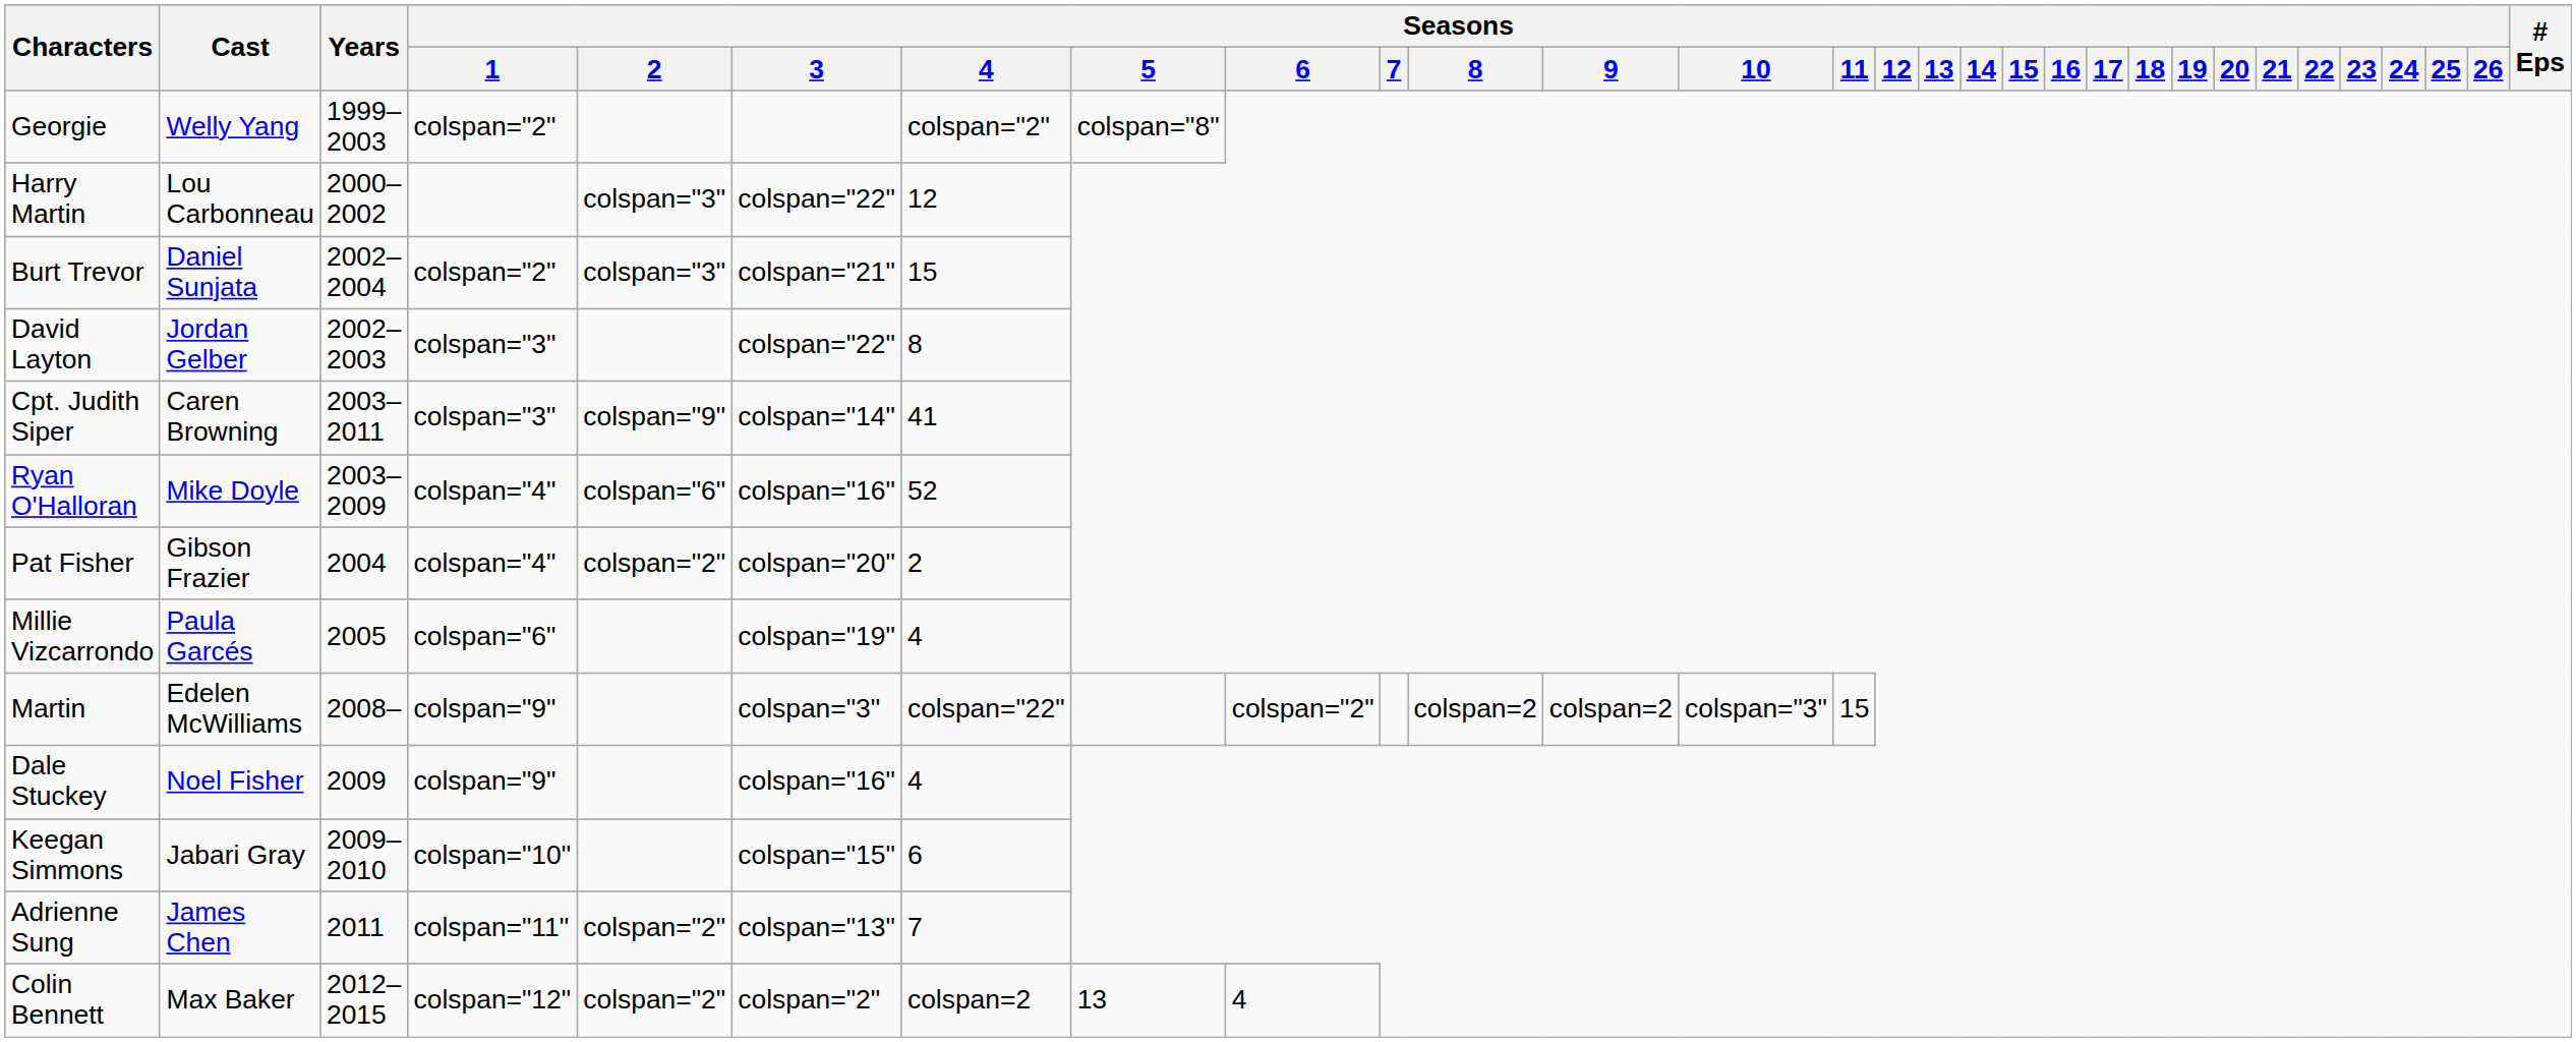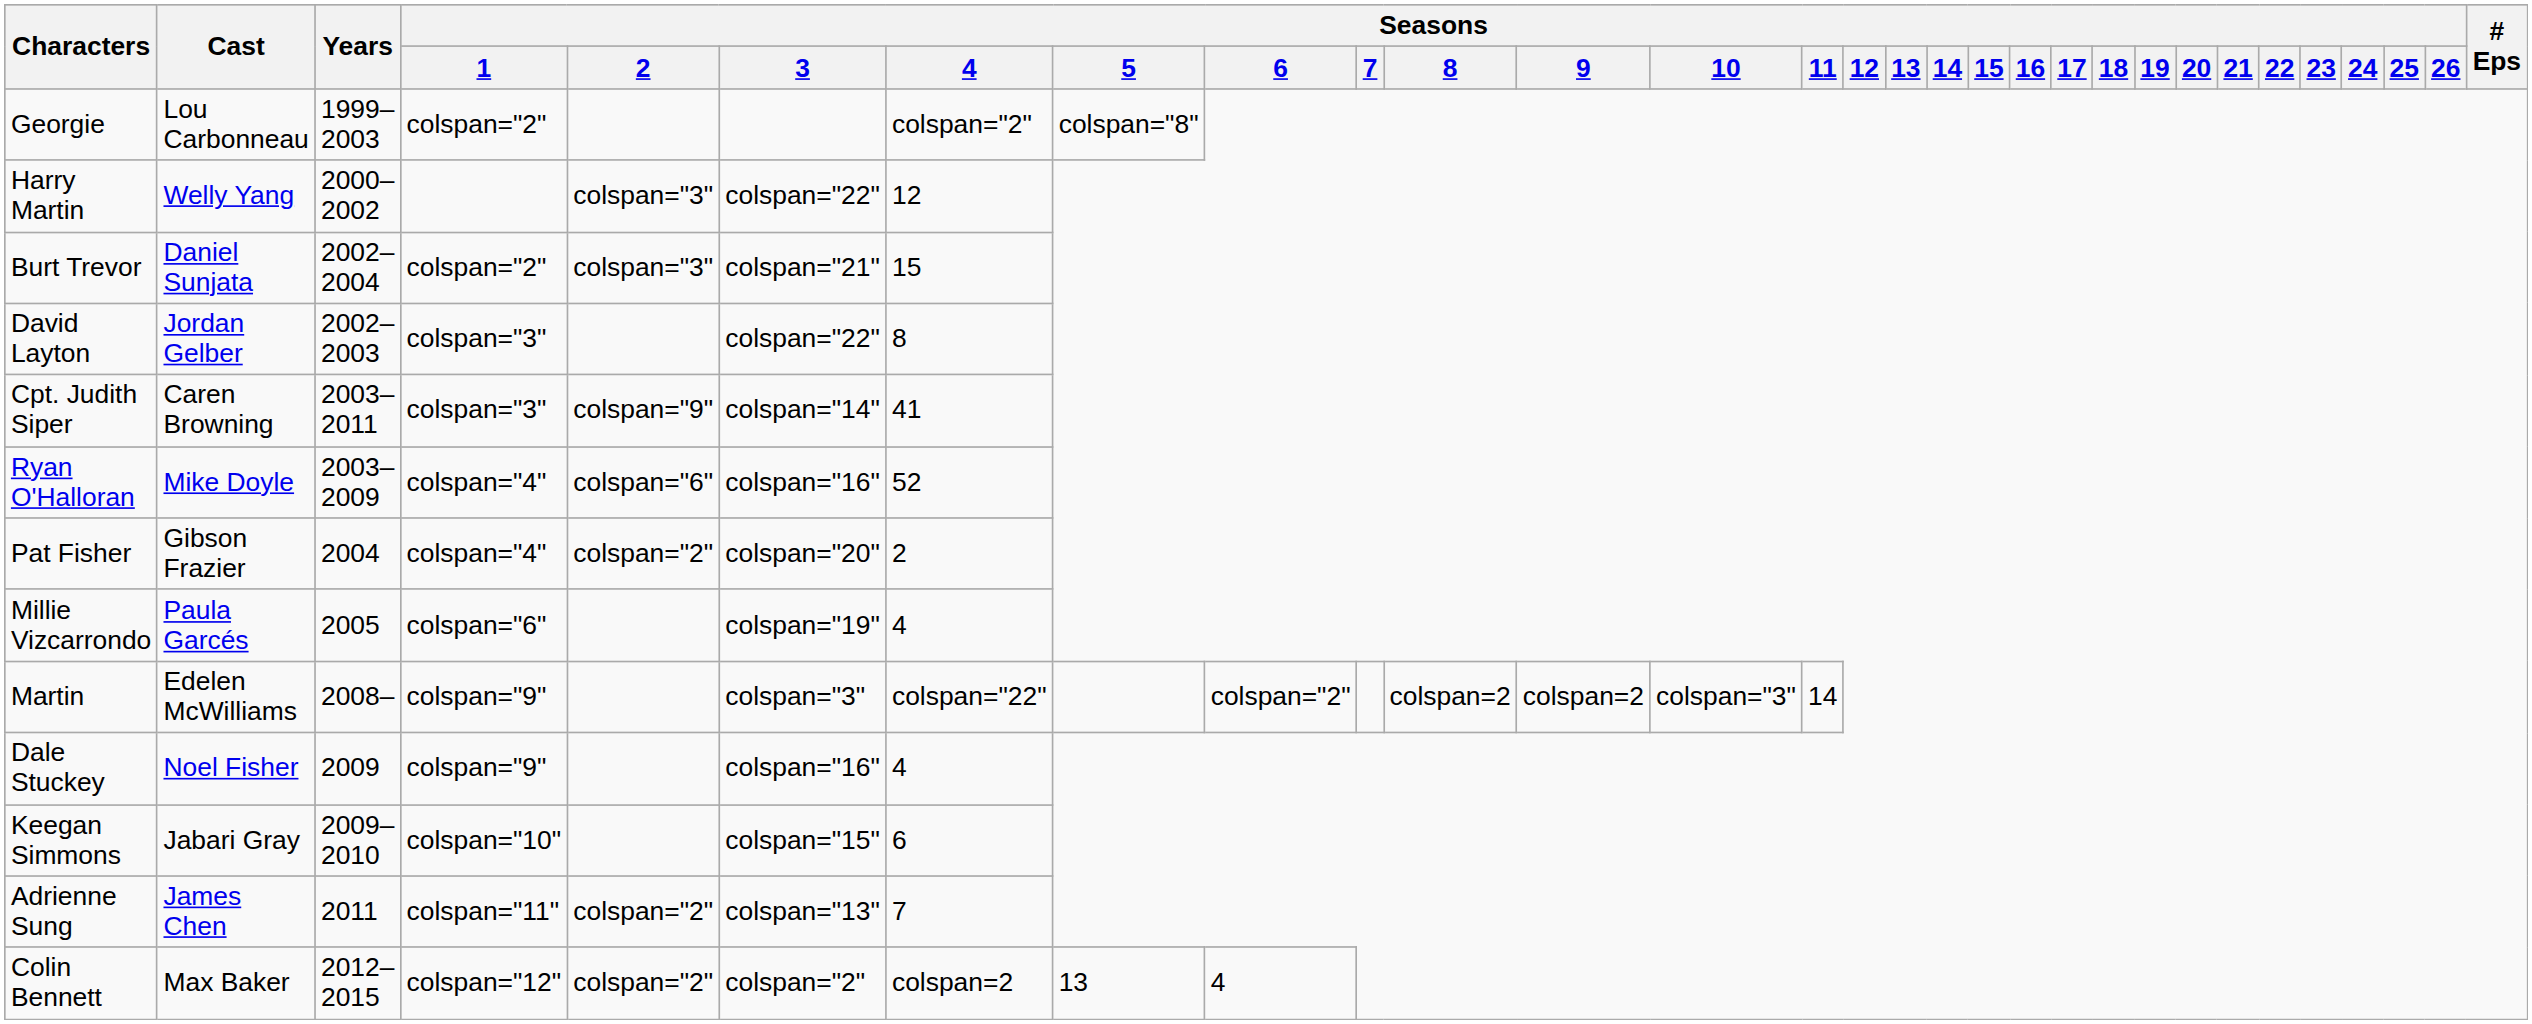 <table class="wikitable">
 <tr>
 <th rowspan="2">Characters</th>
 <th rowspan="2">Cast</th>
 <th rowspan="2">Years</th>
 <th colspan="26">Seasons</th>
 <th rowspan="2"># Eps</th>
 </tr>
 <tr>
 <th><a href='#'>1</a></th>
 <th><a href='#'>2</a></th>
 <th><a href='#'>3</a></th>
 <th><a href='#'>4</a></th>
 <th><a href='#'>5</a></th>
 <th><a href='#'>6</a></th>
 <th><a href='#'>7</a></th>
 <th><a href='#'>8</a></th>
 <th><a href='#'>9</a></th>
 <th><a href='#'>10</a></th>
 <th><a href='#'>11</a></th>
 <th><a href='#'>12</a></th>
 <th><a href='#'>13</a></th>
 <th><a href='#'>14</a></th>
 <th><a href='#'>15</a></th>
 <th><a href='#'>16</a></th>
 <th><a href='#'>17</a></th>
 <th><a href='#'>18</a></th>
 <th><a href='#'>19</a></th>
 <th><a href='#'>20</a></th>
 <th><a href='#'>21</a></th>
 <th><a href='#'>22</a></th>
 <th><a href='#'>23</a></th>
 <th><a href='#'>24</a></th>
 <th><a href='#'>25</a></th>
 <th><a href='#'>26</a></th>
 </tr>
 <tr>
 <td>Georgie</td>
-<td><a href='#'>Welly Yang</a></td>
+<td>Lou Carbonneau</td>
 <td>1999–2003</td>
 <td>colspan="2" </td>
 <td></td>
 <td></td>
 <td>colspan="2" </td>
 <td>colspan="8" </td>
 </tr>
 <tr>
 <td>Harry Martin</td>
-<td>Lou Carbonneau</td>
+<td><a href='#'>Welly Yang</a></td>
 <td>2000–2002</td>
 <td></td>
 <td>colspan="3" </td>
 <td>colspan="22" </td>
 <td>12</td>
 </tr>
 <tr>
 <td>Burt Trevor</td>
 <td><a href='#'>Daniel Sunjata</a></td>
 <td>2002–2004</td>
 <td>colspan="2" </td>
 <td>colspan="3" </td>
 <td>colspan="21" </td>
 <td>15</td>
 </tr>
 <tr>
 <td>David Layton</td>
 <td><a href='#'>Jordan Gelber</a></td>
 <td>2002–2003</td>
 <td>colspan="3" </td>
 <td></td>
 <td>colspan="22" </td>
 <td>8</td>
 </tr>
 <tr>
 <td>Cpt. Judith Siper</td>
 <td>Caren Browning</td>
 <td>2003–2011</td>
 <td>colspan="3" </td>
 <td>colspan="9" </td>
 <td>colspan="14" </td>
 <td>41</td>
 </tr>
 <tr>
 <td><a href='#'>Ryan O'Halloran</a></td>
 <td><a href='#'>Mike Doyle</a></td>
 <td>2003–2009</td>
 <td>colspan="4" </td>
 <td>colspan="6" </td>
 <td>colspan="16" </td>
 <td>52</td>
 </tr>
 <tr>
 <td>Pat Fisher</td>
 <td>Gibson Frazier</td>
 <td>2004</td>
 <td>colspan="4" </td>
 <td>colspan="2" </td>
 <td>colspan="20" </td>
 <td>2</td>
 </tr>
 <tr>
 <td>Millie Vizcarrondo</td>
 <td><a href='#'>Paula Garcés</a></td>
 <td>2005</td>
 <td>colspan="6" </td>
 <td></td>
 <td>colspan="19" </td>
 <td>4</td>
 </tr>
 <tr>
 <td>Martin</td>
 <td>Edelen McWilliams</td>
 <td>2008–</td>
 <td>colspan="9" </td>
 <td></td>
 <td>colspan="3" </td>
 <td>colspan="22" </td>
 <td></td>
 <td>colspan="2" </td>
 <td></td>
 <td>colspan=2 </td>
 <td>colspan=2 </td>
 <td>colspan="3" </td>
-<td>15</td>
+<td>14</td>
 </tr>
 <tr>
 <td>Dale Stuckey</td>
 <td><a href='#'>Noel Fisher</a></td>
 <td>2009</td>
 <td>colspan="9" </td>
 <td></td>
 <td>colspan="16" </td>
 <td>4</td>
 </tr>
 <tr>
 <td>Keegan Simmons</td>
 <td>Jabari Gray</td>
 <td>2009–2010</td>
 <td>colspan="10" </td>
 <td></td>
 <td>colspan="15" </td>
 <td>6</td>
 </tr>
 <tr>
 <td>Adrienne Sung</td>
 <td><a href='#'>James Chen</a></td>
 <td>2011</td>
 <td>colspan="11" </td>
 <td>colspan="2" </td>
 <td>colspan="13" </td>
 <td>7</td>
 </tr>
 <tr>
 <td>Colin Bennett</td>
 <td>Max Baker</td>
 <td>2012–2015</td>
 <td>colspan="12" </td>
 <td>colspan="2" </td>
 <td>colspan="2" </td>
 <td>colspan=2 </td>
 <td>13</td>
 <td>4</td>
 </tr>
 </table>
